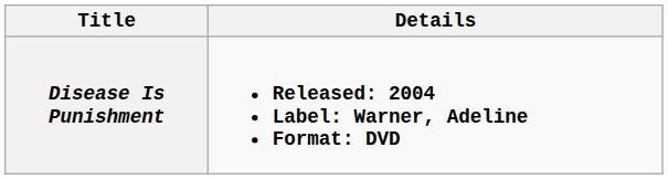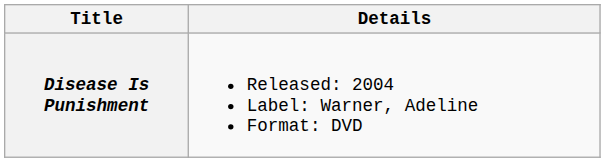 <table class="wikitable plainrowheaders">
 <tr>
 <th scope="col" style="width:10em;">Title</th>
 <th scope="col" style="width:23em;">Details</th>
 </tr>
 <tr>
 <th scope="row"><em>Disease Is Punishment</em></th>
-<td><strong><br><ul><li>Released: 2004</li><li>Label: Warner, Adeline</li><li>Format: DVD</li></ul></strong></td>
+<td><br><ul><li>Released: 2004</li><li>Label: Warner, Adeline</li><li>Format: DVD</li></ul></td>
 </tr>
 </table>
